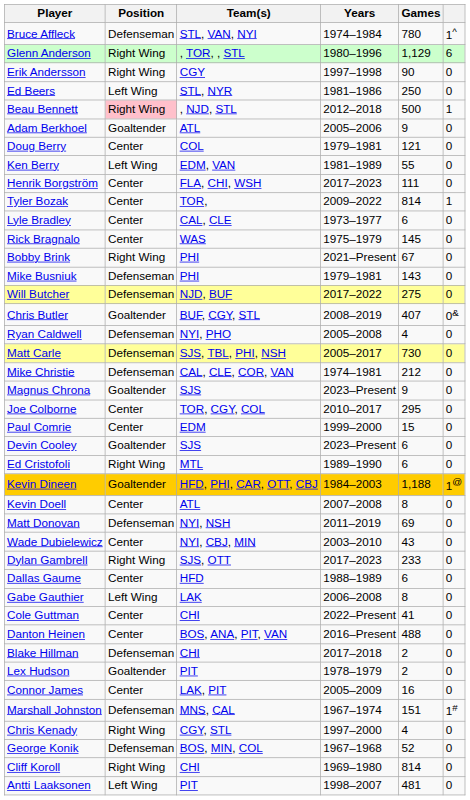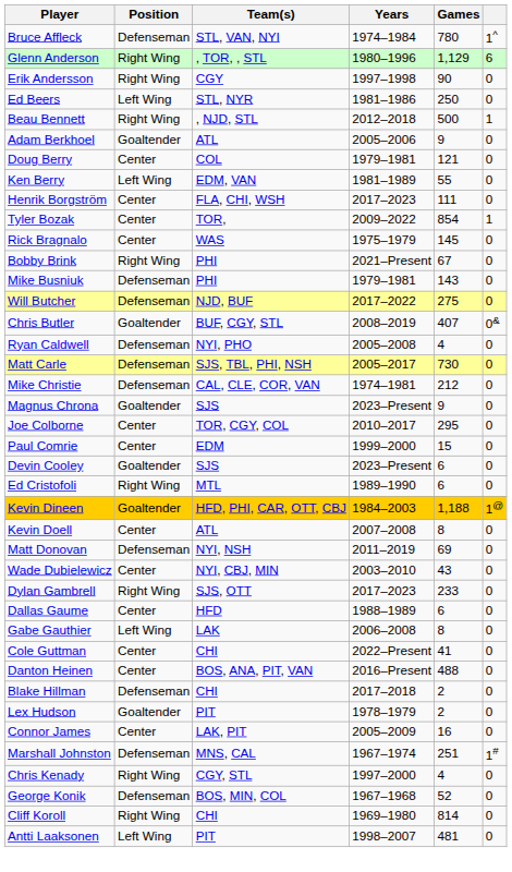 <table class="wikitable">
 <tr>
 <th>Player</th>
 <th>Position</th>
 <th>Team(s)</th>
 <th>Years</th>
 <th>Games</th>
 <th><a href='#'></a></th>
 </tr>
 <tr>
 <td><a href='#'>Bruce Affleck</a></td>
 <td>Defenseman</td>
 <td><a href='#'>STL</a>, <a href='#'>VAN</a>, <a href='#'>NYI</a></td>
 <td>1974–1984</td>
 <td>780</td>
 <td>1<sup>^</sup></td>
 </tr>
 <tr bgcolor=CCFFCC>
 <td><a href='#'>Glenn Anderson</a></td>
 <td>Right Wing</td>
 <td><span><strong></strong></span>, <a href='#'>TOR</a>,  <span><strong></strong></span>, <a href='#'>STL</a></td>
 <td>1980–1996</td>
 <td>1,129</td>
 <td>6</td>
 </tr>
 <tr>
 <td><a href='#'>Erik Andersson</a></td>
 <td>Right Wing</td>
 <td><a href='#'>CGY</a></td>
 <td>1997–1998</td>
 <td>90</td>
 <td>0</td>
 </tr>
 <tr>
 <td><a href='#'>Ed Beers</a></td>
 <td>Left Wing</td>
 <td><a href='#'>STL</a>, <a href='#'>NYR</a></td>
 <td>1981–1986</td>
 <td>250</td>
 <td>0</td>
 </tr>
 <tr>
 <td><a href='#'>Beau Bennett</a></td>
-<td style="background: pink;">Right Wing</td>
+<td>Right Wing</td>
 <td><span><strong></strong></span>, <a href='#'>NJD</a>, <a href='#'>STL</a></td>
 <td>2012–2018</td>
 <td>500</td>
 <td>1</td>
 </tr>
 <tr>
 <td><a href='#'>Adam Berkhoel</a></td>
 <td>Goaltender</td>
 <td><a href='#'>ATL</a></td>
 <td>2005–2006</td>
 <td>9</td>
 <td>0</td>
 </tr>
 <tr>
 <td><a href='#'>Doug Berry</a></td>
 <td>Center</td>
 <td><a href='#'>COL</a></td>
 <td>1979–1981</td>
 <td>121</td>
 <td>0</td>
 </tr>
 <tr>
 <td><a href='#'>Ken Berry</a></td>
 <td>Left Wing</td>
 <td><a href='#'>EDM</a>, <a href='#'>VAN</a></td>
 <td>1981–1989</td>
 <td>55</td>
 <td>0</td>
 </tr>
 <tr>
 <td><a href='#'>Henrik Borgström</a></td>
 <td>Center</td>
 <td><a href='#'>FLA</a>, <a href='#'>CHI</a>, <a href='#'>WSH</a></td>
 <td>2017–2023</td>
 <td>111</td>
 <td>0</td>
 </tr>
 <tr>
 <td><a href='#'>Tyler Bozak</a></td>
 <td>Center</td>
 <td><a href='#'>TOR</a>, <span><strong></strong></span></td>
 <td>2009–2022</td>
-<td>814</td>
+<td>854</td>
 <td>1</td>
-</tr>
-<tr>
-<td><a href='#'>Lyle Bradley</a></td>
-<td>Center</td>
-<td><a href='#'>CAL</a>, <a href='#'>CLE</a></td>
-<td>1973–1977</td>
-<td>6</td>
-<td>0</td>
 </tr>
 <tr>
 <td><a href='#'>Rick Bragnalo</a></td>
 <td>Center</td>
 <td><a href='#'>WAS</a></td>
 <td>1975–1979</td>
 <td>145</td>
 <td>0</td>
 </tr>
 <tr>
 <td><a href='#'>Bobby Brink</a></td>
 <td>Right Wing</td>
 <td><a href='#'>PHI</a></td>
 <td>2021–Present</td>
 <td>67</td>
 <td>0</td>
 </tr>
 <tr>
 <td><a href='#'>Mike Busniuk</a></td>
 <td>Defenseman</td>
 <td><a href='#'>PHI</a></td>
 <td>1979–1981</td>
 <td>143</td>
 <td>0</td>
 </tr>
 <tr bgcolor=FFFF99>
 <td><a href='#'>Will Butcher</a></td>
 <td>Defenseman</td>
 <td><a href='#'>NJD</a>, <a href='#'>BUF</a></td>
 <td>2017–2022</td>
 <td>275</td>
 <td>0</td>
 </tr>
 <tr>
 <td><a href='#'>Chris Butler</a></td>
 <td>Goaltender</td>
 <td><a href='#'>BUF</a>, <a href='#'>CGY</a>, <a href='#'>STL</a></td>
 <td>2008–2019</td>
 <td>407</td>
 <td>0<sup>&</sup></td>
 </tr>
 <tr>
 <td><a href='#'>Ryan Caldwell</a></td>
 <td>Defenseman</td>
 <td><a href='#'>NYI</a>, <a href='#'>PHO</a></td>
 <td>2005–2008</td>
 <td>4</td>
 <td>0</td>
 </tr>
 <tr bgcolor=FFFF99>
 <td><a href='#'>Matt Carle</a></td>
 <td>Defenseman</td>
 <td><a href='#'>SJS</a>, <a href='#'>TBL</a>, <a href='#'>PHI</a>, <a href='#'>NSH</a></td>
 <td>2005–2017</td>
 <td>730</td>
 <td>0</td>
 </tr>
 <tr>
 <td><a href='#'>Mike Christie</a></td>
 <td>Defenseman</td>
 <td><a href='#'>CAL</a>, <a href='#'>CLE</a>, <a href='#'>COR</a>, <a href='#'>VAN</a></td>
 <td>1974–1981</td>
 <td>212</td>
 <td>0</td>
 </tr>
 <tr>
 <td><a href='#'>Magnus Chrona</a></td>
 <td>Goaltender</td>
 <td><a href='#'>SJS</a></td>
 <td>2023–Present</td>
 <td>9</td>
 <td>0</td>
 </tr>
 <tr>
 <td><a href='#'>Joe Colborne</a></td>
 <td>Center</td>
 <td><a href='#'>TOR</a>, <a href='#'>CGY</a>, <a href='#'>COL</a></td>
 <td>2010–2017</td>
 <td>295</td>
 <td>0</td>
 </tr>
 <tr>
 <td><a href='#'>Paul Comrie</a></td>
 <td>Center</td>
 <td><a href='#'>EDM</a></td>
 <td>1999–2000</td>
 <td>15</td>
 <td>0</td>
 </tr>
 <tr>
 <td><a href='#'>Devin Cooley</a></td>
 <td>Goaltender</td>
 <td><a href='#'>SJS</a></td>
 <td>2023–Present</td>
 <td>6</td>
 <td>0</td>
 </tr>
 <tr>
 <td><a href='#'>Ed Cristofoli</a></td>
 <td>Right Wing</td>
 <td><a href='#'>MTL</a></td>
 <td>1989–1990</td>
 <td>6</td>
 <td>0</td>
 </tr>
 <tr bgcolor=FFCC00>
 <td><a href='#'>Kevin Dineen</a></td>
 <td>Goaltender</td>
 <td><a href='#'>HFD</a>, <a href='#'>PHI</a>, <a href='#'>CAR</a>, <a href='#'>OTT</a>, <a href='#'>CBJ</a></td>
 <td>1984–2003</td>
 <td>1,188</td>
 <td>1<sup>@</sup></td>
 </tr>
 <tr>
 <td><a href='#'>Kevin Doell</a></td>
 <td>Center</td>
 <td><a href='#'>ATL</a></td>
 <td>2007–2008</td>
 <td>8</td>
 <td>0</td>
 </tr>
 <tr>
 <td><a href='#'>Matt Donovan</a></td>
 <td>Defenseman</td>
 <td><a href='#'>NYI</a>, <a href='#'>NSH</a></td>
 <td>2011–2019</td>
 <td>69</td>
 <td>0</td>
 </tr>
 <tr>
 <td><a href='#'>Wade Dubielewicz</a></td>
 <td>Center</td>
 <td><a href='#'>NYI</a>, <a href='#'>CBJ</a>, <a href='#'>MIN</a></td>
 <td>2003–2010</td>
 <td>43</td>
 <td>0</td>
 </tr>
 <tr>
 <td><a href='#'>Dylan Gambrell</a></td>
 <td>Right Wing</td>
 <td><a href='#'>SJS</a>, <a href='#'>OTT</a></td>
 <td>2017–2023</td>
 <td>233</td>
 <td>0</td>
 </tr>
 <tr>
 <td><a href='#'>Dallas Gaume</a></td>
 <td>Center</td>
 <td><a href='#'>HFD</a></td>
 <td>1988–1989</td>
 <td>6</td>
 <td>0</td>
 </tr>
 <tr>
 <td><a href='#'>Gabe Gauthier</a></td>
 <td>Left Wing</td>
 <td><a href='#'>LAK</a></td>
 <td>2006–2008</td>
 <td>8</td>
 <td>0</td>
 </tr>
 <tr>
 <td><a href='#'>Cole Guttman</a></td>
 <td>Center</td>
 <td><a href='#'>CHI</a></td>
 <td>2022–Present</td>
 <td>41</td>
 <td>0</td>
 </tr>
 <tr>
 <td><a href='#'>Danton Heinen</a></td>
 <td>Center</td>
 <td><a href='#'>BOS</a>, <a href='#'>ANA</a>, <a href='#'>PIT</a>, <a href='#'>VAN</a></td>
 <td>2016–Present</td>
 <td>488</td>
 <td>0</td>
 </tr>
 <tr>
 <td><a href='#'>Blake Hillman</a></td>
 <td>Defenseman</td>
 <td><a href='#'>CHI</a></td>
 <td>2017–2018</td>
 <td>2</td>
 <td>0</td>
 </tr>
 <tr>
 <td><a href='#'>Lex Hudson</a></td>
 <td>Goaltender</td>
 <td><a href='#'>PIT</a></td>
 <td>1978–1979</td>
 <td>2</td>
 <td>0</td>
 </tr>
 <tr>
 <td><a href='#'>Connor James</a></td>
 <td>Center</td>
 <td><a href='#'>LAK</a>, <a href='#'>PIT</a></td>
 <td>2005–2009</td>
 <td>16</td>
 <td>0</td>
 </tr>
 <tr>
 <td><a href='#'>Marshall Johnston</a></td>
 <td>Defenseman</td>
 <td><a href='#'>MNS</a>, <a href='#'>CAL</a></td>
 <td>1967–1974</td>
-<td>151</td>
+<td>251</td>
 <td>1<sup>#</sup></td>
 </tr>
 <tr>
 <td><a href='#'>Chris Kenady</a></td>
 <td>Right Wing</td>
 <td><a href='#'>CGY</a>, <a href='#'>STL</a></td>
 <td>1997–2000</td>
 <td>4</td>
 <td>0</td>
 </tr>
 <tr>
 <td><a href='#'>George Konik</a></td>
 <td>Defenseman</td>
 <td><a href='#'>BOS</a>, <a href='#'>MIN</a>, <a href='#'>COL</a></td>
 <td>1967–1968</td>
 <td>52</td>
 <td>0</td>
 </tr>
 <tr>
 <td><a href='#'>Cliff Koroll</a></td>
 <td>Right Wing</td>
 <td><a href='#'>CHI</a></td>
 <td>1969–1980</td>
 <td>814</td>
 <td>0</td>
 </tr>
 <tr>
 <td><a href='#'>Antti Laaksonen</a></td>
 <td>Left Wing</td>
 <td><a href='#'>PIT</a></td>
 <td>1998–2007</td>
 <td>481</td>
 <td>0</td>
 </tr>
 </table>
